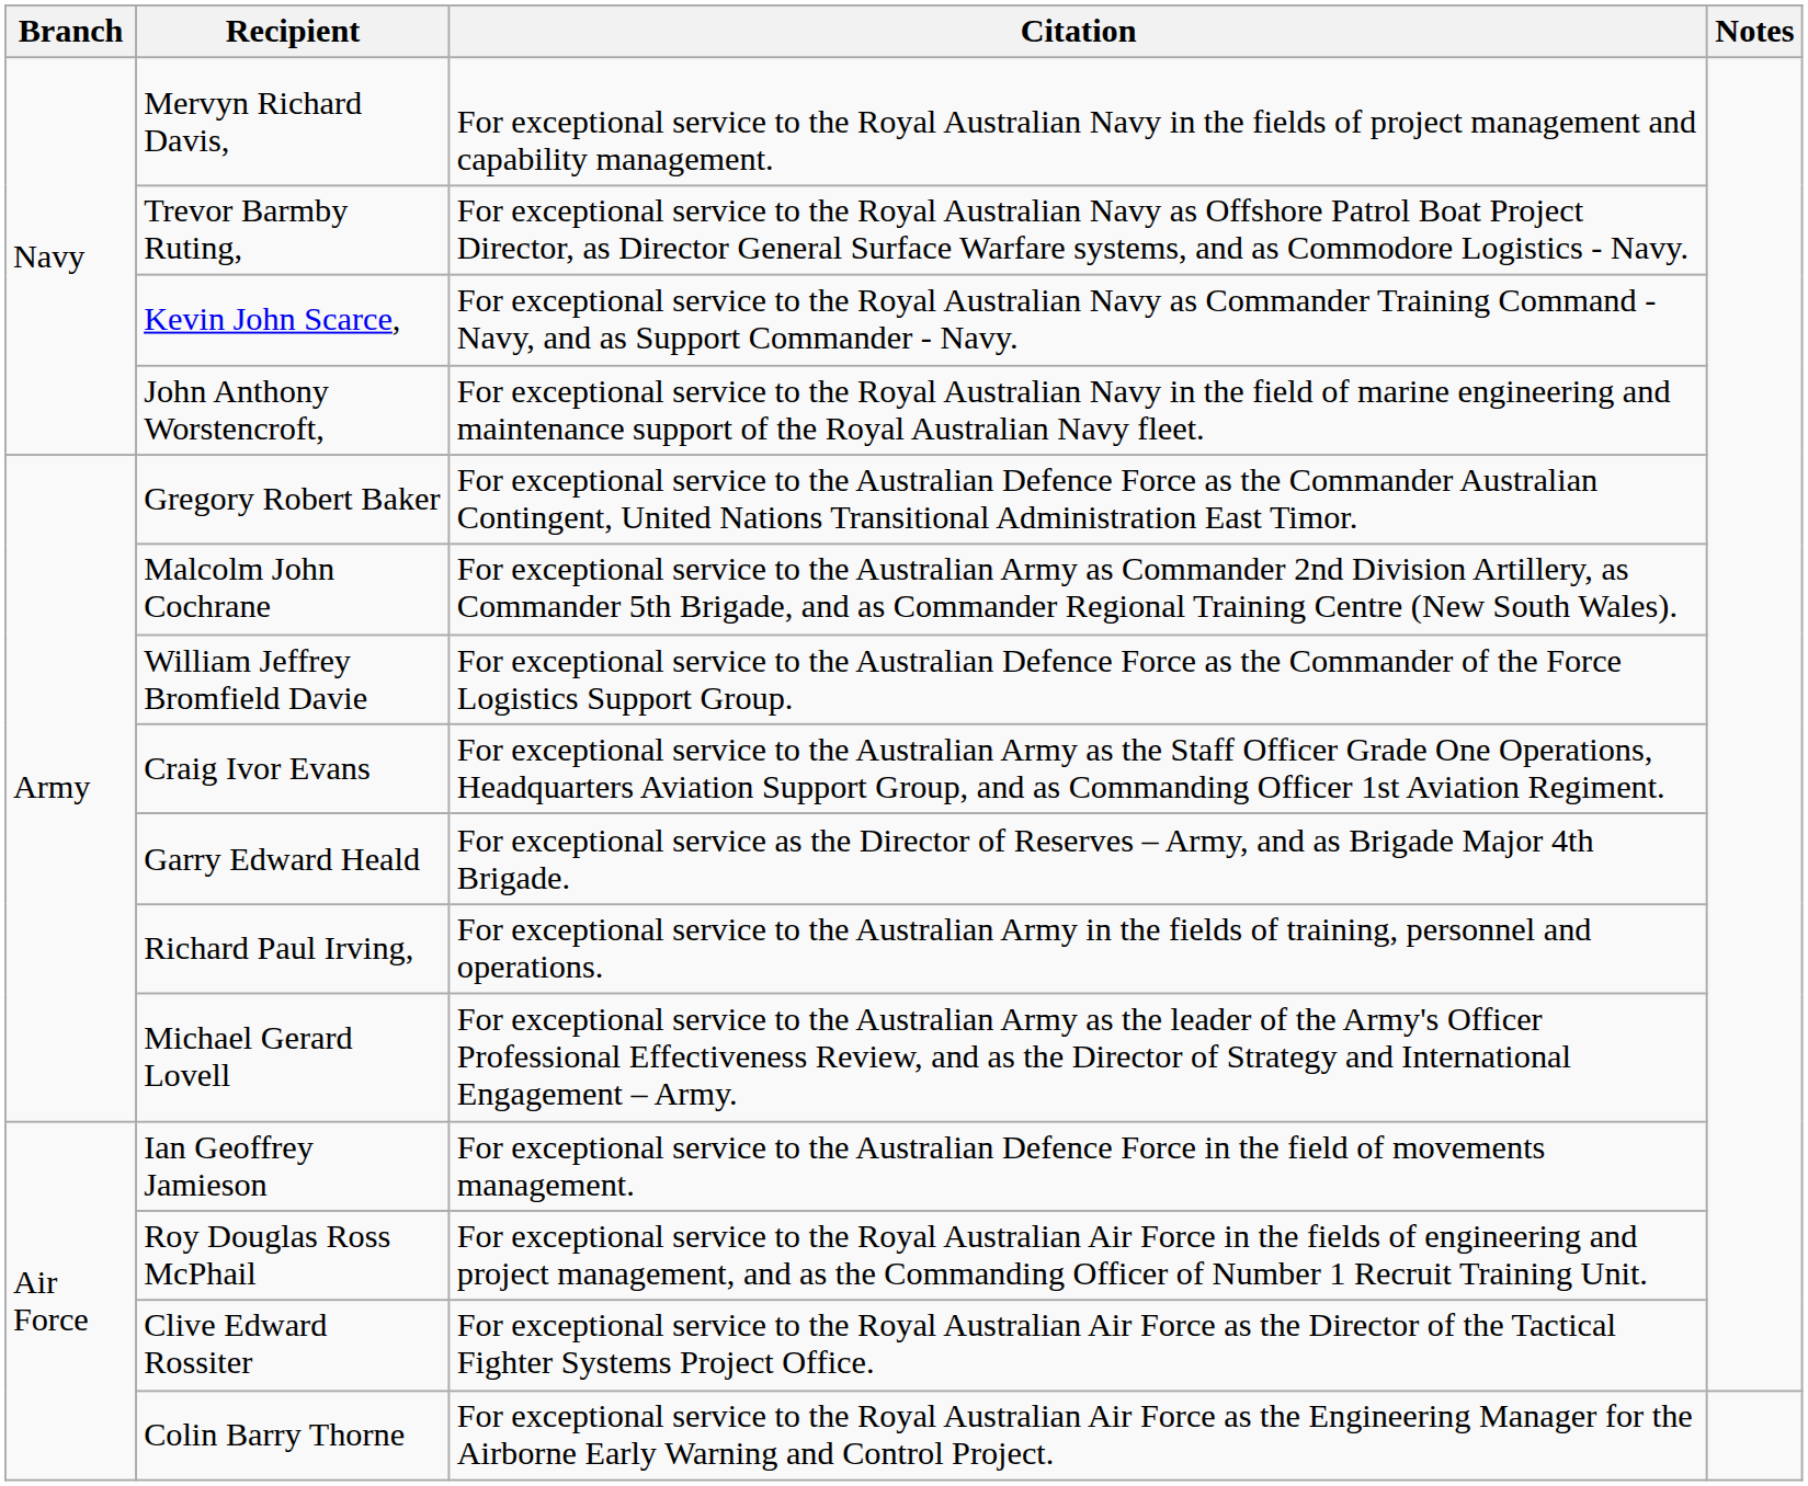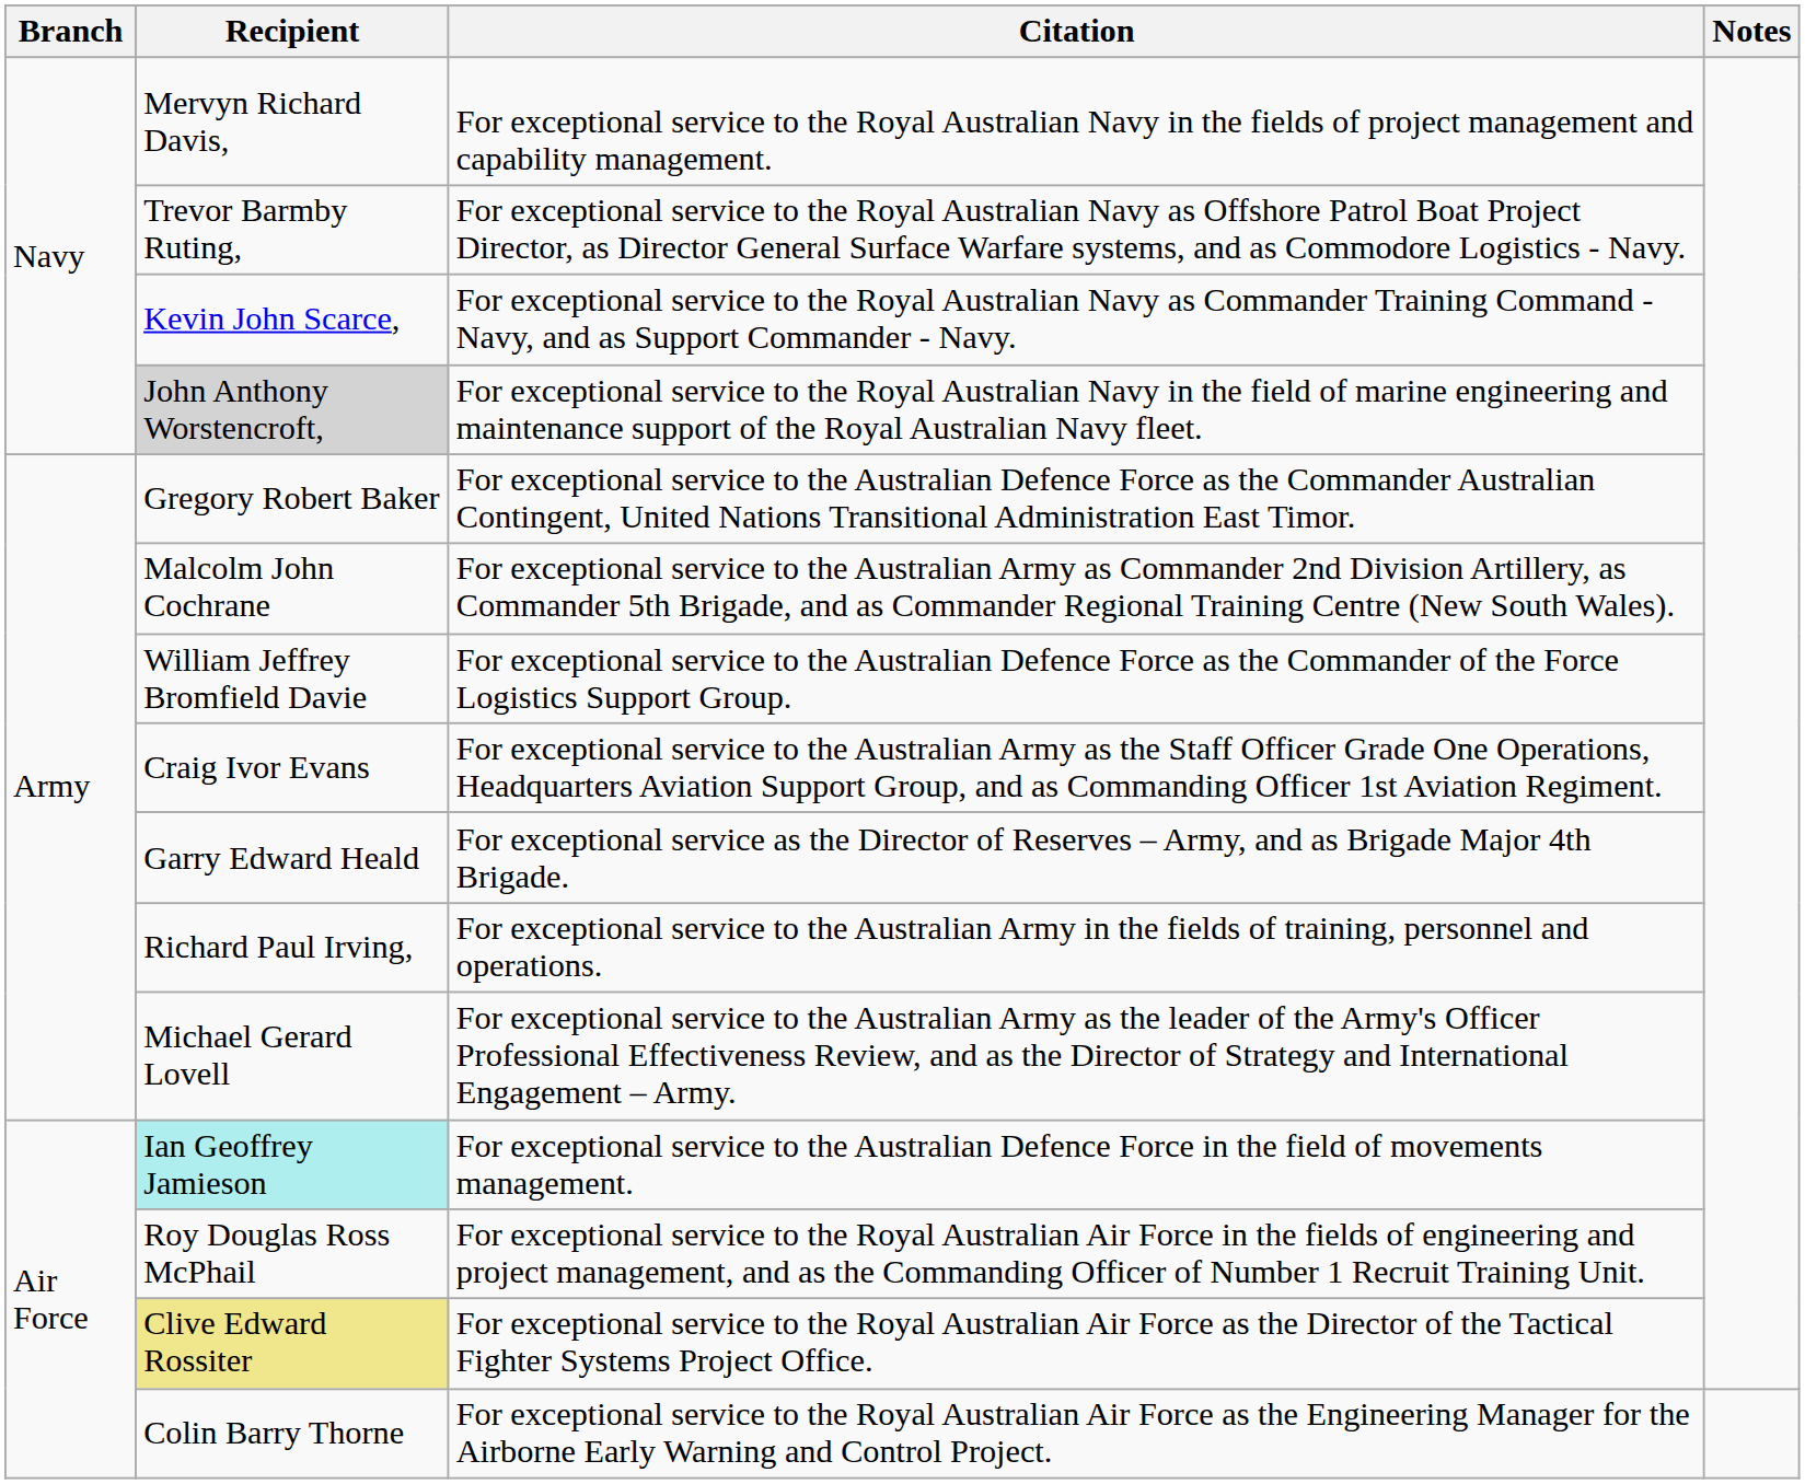 <table class="wikitable">
 <tr>
 <th>Branch</th>
 <th>Recipient</th>
 <th>Citation</th>
 <th>Notes</th>
 </tr>
 <tr>
 <td rowspan=4>Navy</td>
 <td> Mervyn Richard Davis, </td>
 <td><br>For exceptional service to the Royal Australian Navy in the fields of project management and capability management.</td>
 <td rowspan=14></td>
 </tr>
 <tr>
 <td> Trevor Barmby Ruting, </td>
 <td>For exceptional service to the Royal Australian Navy as Offshore Patrol Boat Project Director, as Director General Surface Warfare systems, and as Commodore Logistics - Navy.</td>
 </tr>
 <tr>
 <td> <a href='#'>Kevin John Scarce</a>, </td>
 <td>For exceptional service to the Royal Australian Navy as Commander Training Command - Navy, and as Support Commander - Navy.</td>
 </tr>
 <tr>
-<td> John Anthony Worstencroft, </td>
+<td style="background: lightgrey;"> John Anthony Worstencroft, </td>
 <td>For exceptional service to the Royal Australian Navy in the field of marine engineering and maintenance support of the Royal Australian Navy fleet.</td>
 </tr>
 <tr>
 <td rowspan=7>Army</td>
 <td> Gregory Robert Baker</td>
 <td>For exceptional service to the Australian Defence Force as the Commander Australian Contingent, United Nations Transitional Administration East Timor.</td>
 </tr>
 <tr>
 <td> Malcolm John Cochrane</td>
 <td>For exceptional service to the Australian Army as Commander 2nd Division Artillery, as Commander 5th Brigade, and as Commander Regional Training Centre (New South Wales).</td>
 </tr>
 <tr>
 <td> William Jeffrey Bromfield Davie</td>
 <td>For exceptional service to the Australian Defence Force as the Commander of the Force Logistics Support Group.</td>
 </tr>
 <tr>
 <td> Craig Ivor Evans</td>
 <td>For exceptional service to the Australian Army as the Staff Officer Grade One Operations, Headquarters Aviation Support Group, and as Commanding Officer 1st Aviation Regiment.</td>
 </tr>
 <tr>
 <td> Garry Edward Heald</td>
 <td>For exceptional service as the Director of Reserves – Army, and as Brigade Major 4th Brigade.</td>
 </tr>
 <tr>
 <td> Richard Paul Irving, </td>
 <td>For exceptional service to the Australian Army in the fields of training, personnel and operations.</td>
 </tr>
 <tr>
 <td> Michael Gerard Lovell</td>
 <td>For exceptional service to the Australian Army as the leader of the Army's Officer Professional Effectiveness Review, and as the Director of Strategy and International Engagement – Army.</td>
 </tr>
 <tr>
 <td rowspan=4>Air Force</td>
-<td> Ian Geoffrey Jamieson</td>
+<td style="background: paleturquoise;"> Ian Geoffrey Jamieson</td>
 <td>For exceptional service to the Australian Defence Force in the field of movements management.</td>
 </tr>
 <tr>
 <td> Roy Douglas Ross McPhail</td>
 <td>For exceptional service to the Royal Australian Air Force in the fields of engineering and project management, and as the Commanding Officer of Number 1 Recruit Training Unit.</td>
 </tr>
 <tr>
-<td> Clive Edward Rossiter</td>
+<td style="background: khaki;"> Clive Edward Rossiter</td>
 <td>For exceptional service to the Royal Australian Air Force as the Director of the Tactical Fighter Systems Project Office.</td>
 </tr>
 <tr>
 <td> Colin Barry Thorne</td>
 <td>For exceptional service to the Royal Australian Air Force as the Engineering Manager for the Airborne Early Warning and Control Project.</td>
 </tr>
 </table>
